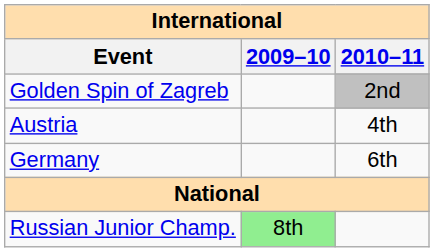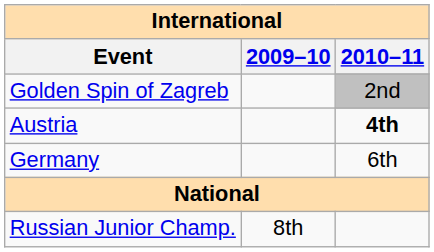 <table class="wikitable" style="text-align:center">
 <tr>
 <th style="background-color: #ffdead; " colspan=3 align=center>International</th>
 </tr>
 <tr>
 <th>Event</th>
 <th><a href='#'>2009–10</a></th>
 <th><a href='#'>2010–11</a></th>
 </tr>
 <tr>
 <td align=left><a href='#'>Golden Spin of Zagreb</a></td>
 <td></td>
 <td bgcolor=silver>2nd</td>
 </tr>
 <tr>
 <td align=left> <a href='#'>Austria</a></td>
 <td></td>
-<td>4th</td>
+<td><strong>4th</strong></td>
 </tr>
 <tr>
 <td align=left> <a href='#'>Germany</a></td>
 <td></td>
 <td>6th</td>
 </tr>
 <tr>
 <th style="background-color: #ffdead; " colspan=3 align=center>National</th>
 </tr>
 <tr>
 <td align=left><a href='#'>Russian Junior Champ.</a></td>
-<td style="background: lightgreen;">8th</td>
+<td>8th</td>
 <td></td>
 </tr>
 </table>
